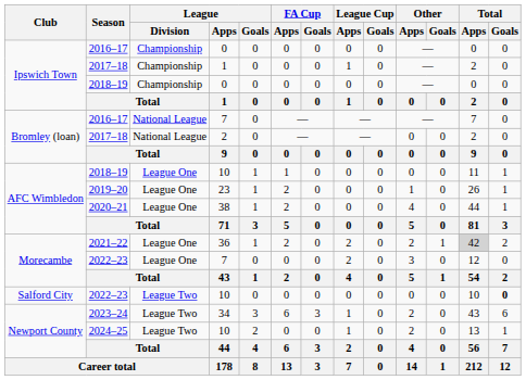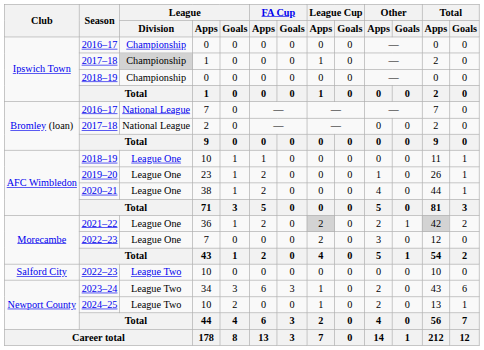 <table class="wikitable" style="text-align: center;">
 <tr>
 <th rowspan="2">Club</th>
 <th rowspan="2">Season</th>
 <th colspan="3">League</th>
 <th colspan="2"><a href='#'>FA Cup</a></th>
 <th colspan="2">League Cup</th>
 <th colspan="2">Other</th>
 <th colspan="2">Total</th>
 </tr>
 <tr>
 <th>Division</th>
 <th>Apps</th>
 <th>Goals</th>
 <th>Apps</th>
 <th>Goals</th>
 <th>Apps</th>
 <th>Goals</th>
 <th>Apps</th>
 <th>Goals</th>
 <th>Apps</th>
 <th>Goals</th>
 </tr>
 <tr>
 <td rowspan="4"><a href='#'>Ipswich Town</a></td>
 <td><a href='#'>2016–17</a></td>
 <td><a href='#'>Championship</a></td>
 <td>0</td>
 <td>0</td>
 <td>0</td>
 <td>0</td>
 <td>0</td>
 <td>0</td>
 <td colspan="2">—</td>
 <td>0</td>
 <td>0</td>
 </tr>
 <tr>
 <td><a href='#'>2017–18</a></td>
-<td>Championship</td>
+<td style="background: lightgrey;">Championship</td>
 <td>1</td>
 <td>0</td>
 <td>0</td>
 <td>0</td>
 <td>1</td>
 <td>0</td>
 <td colspan="2">—</td>
 <td>2</td>
 <td>0</td>
 </tr>
 <tr>
 <td><a href='#'>2018–19</a></td>
 <td>Championship</td>
 <td>0</td>
 <td>0</td>
 <td>0</td>
 <td>0</td>
 <td>0</td>
 <td>0</td>
 <td colspan="2">—</td>
 <td>0</td>
 <td>0</td>
 </tr>
 <tr>
 <th colspan="2">Total</th>
 <th>1</th>
 <th>0</th>
 <th>0</th>
 <th>0</th>
 <th>1</th>
 <th>0</th>
 <th>0</th>
 <th>0</th>
 <th>2</th>
 <th>0</th>
 </tr>
 <tr>
 <td rowspan="3"><a href='#'>Bromley</a> (loan)</td>
 <td><a href='#'>2016–17</a></td>
 <td><a href='#'>National League</a></td>
 <td>7</td>
 <td>0</td>
 <td colspan="2">—</td>
 <td colspan="2">—</td>
 <td colspan="2">—</td>
 <td>7</td>
 <td>0</td>
 </tr>
 <tr>
 <td><a href='#'>2017–18</a></td>
 <td>National League</td>
 <td>2</td>
 <td>0</td>
 <td colspan="2">—</td>
 <td colspan="2">—</td>
 <td>0</td>
 <td>0</td>
 <td>2</td>
 <td>0</td>
 </tr>
 <tr>
 <th colspan="2">Total</th>
 <th>9</th>
 <th>0</th>
 <th>0</th>
 <th>0</th>
 <th>0</th>
 <th>0</th>
 <th>0</th>
 <th>0</th>
 <th>9</th>
 <th>0</th>
 </tr>
 <tr>
 <td rowspan="4"><a href='#'>AFC Wimbledon</a></td>
 <td><a href='#'>2018–19</a></td>
 <td><a href='#'>League One</a></td>
 <td>10</td>
 <td>1</td>
 <td>1</td>
 <td>0</td>
 <td>0</td>
 <td>0</td>
 <td>0</td>
 <td>0</td>
 <td>11</td>
 <td>1</td>
 </tr>
 <tr>
 <td><a href='#'>2019–20</a></td>
 <td>League One</td>
 <td>23</td>
 <td>1</td>
 <td>2</td>
 <td>0</td>
 <td>0</td>
 <td>0</td>
 <td>1</td>
 <td>0</td>
 <td>26</td>
 <td>1</td>
 </tr>
 <tr>
 <td><a href='#'>2020–21</a></td>
 <td>League One</td>
 <td>38</td>
 <td>1</td>
 <td>2</td>
 <td>0</td>
 <td>0</td>
 <td>0</td>
 <td>4</td>
 <td>0</td>
 <td>44</td>
 <td>1</td>
 </tr>
 <tr>
 <th colspan="2">Total</th>
 <th>71</th>
 <th>3</th>
 <th>5</th>
 <th>0</th>
 <th>0</th>
 <th>0</th>
 <th>5</th>
 <th>0</th>
 <th>81</th>
 <th>3</th>
 </tr>
 <tr>
 <td rowspan="3"><a href='#'>Morecambe</a></td>
 <td><a href='#'>2021–22</a></td>
 <td>League One</td>
 <td>36</td>
 <td>1</td>
 <td>2</td>
 <td>0</td>
-<td>2</td>
+<td style="background: lightgrey;">2</td>
 <td>0</td>
 <td>2</td>
 <td>1</td>
 <td style="background: lightgrey;">42</td>
 <td>2</td>
 </tr>
 <tr>
 <td><a href='#'>2022–23</a></td>
 <td>League One</td>
 <td>7</td>
 <td>0</td>
 <td>0</td>
 <td>0</td>
 <td>2</td>
 <td>0</td>
 <td>3</td>
 <td>0</td>
 <td>12</td>
 <td>0</td>
 </tr>
 <tr>
 <th colspan="2">Total</th>
 <th>43</th>
 <th>1</th>
 <th>2</th>
 <th>0</th>
 <th>4</th>
 <th>0</th>
 <th>5</th>
 <th>1</th>
 <th>54</th>
 <th>2</th>
 </tr>
 <tr>
 <td><a href='#'>Salford City</a></td>
 <td><a href='#'>2022–23</a></td>
 <td><a href='#'>League Two</a></td>
 <td>10</td>
 <td>0</td>
 <td>0</td>
 <td>0</td>
 <td>0</td>
 <td>0</td>
 <td>0</td>
 <td>0</td>
 <td>10</td>
-<td><strong>0</strong></td>
+<td>0</td>
 </tr>
 <tr>
 <td rowspan="3"><a href='#'>Newport County</a></td>
 <td><a href='#'>2023–24</a></td>
 <td>League Two</td>
 <td>34</td>
 <td>3</td>
 <td>6</td>
 <td>3</td>
 <td>1</td>
 <td>0</td>
 <td>2</td>
 <td>0</td>
 <td>43</td>
 <td>6</td>
 </tr>
 <tr>
 <td><a href='#'>2024–25</a></td>
 <td>League Two</td>
 <td>10</td>
 <td>2</td>
 <td>0</td>
 <td>0</td>
 <td>1</td>
 <td>0</td>
 <td>2</td>
 <td>0</td>
 <td>13</td>
 <td>1</td>
 </tr>
 <tr>
 <th colspan="2">Total</th>
 <th>44</th>
 <th>4</th>
 <th>6</th>
 <th>3</th>
 <th>2</th>
 <th>0</th>
 <th>4</th>
 <th>0</th>
 <th>56</th>
 <th>7</th>
 </tr>
 <tr>
 <th colspan="3">Career total</th>
 <th>178</th>
 <th>8</th>
 <th>13</th>
 <th>3</th>
 <th>7</th>
 <th>0</th>
 <th>14</th>
 <th>1</th>
 <th>212</th>
 <th>12</th>
 </tr>
 </table>
